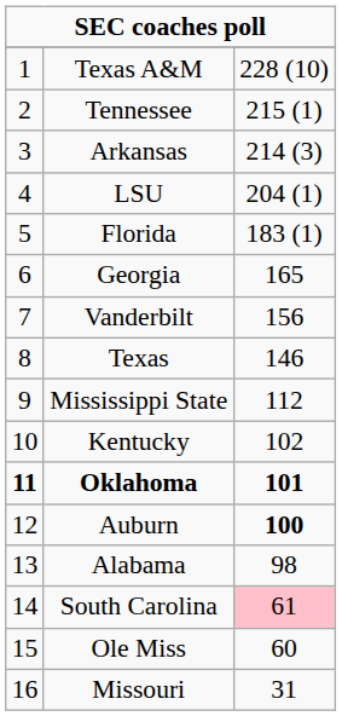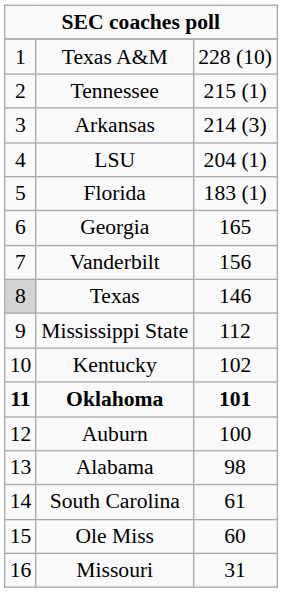 <table class="wikitable" style="display: inline-table;">
 <tr>
 <td align="center" Colspan="3"><strong>SEC coaches poll</strong></td>
 </tr>
 <tr align="center">
 </tr>
 <tr align="center">
 <td>1</td>
 <td>Texas A&M</td>
 <td>228 (10)</td>
 </tr>
 <tr align="center">
 <td>2</td>
 <td>Tennessee</td>
 <td>215 (1)</td>
 </tr>
 <tr align="center">
 <td>3</td>
 <td>Arkansas</td>
 <td>214 (3)</td>
 </tr>
 <tr align="center">
 <td>4</td>
 <td>LSU</td>
 <td>204 (1)</td>
 </tr>
 <tr align="center">
 <td>5</td>
 <td>Florida</td>
 <td>183 (1)</td>
 </tr>
 <tr align="center">
 <td>6</td>
 <td>Georgia</td>
 <td>165</td>
 </tr>
 <tr align="center">
 <td>7</td>
 <td>Vanderbilt</td>
 <td>156</td>
 </tr>
 <tr align="center">
-<td>8</td>
+<td style="background: lightgrey;">8</td>
 <td>Texas</td>
 <td>146</td>
 </tr>
 <tr align="center">
 <td>9</td>
 <td>Mississippi State</td>
 <td>112</td>
 </tr>
 <tr align="center">
 <td>10</td>
 <td>Kentucky</td>
 <td>102</td>
 </tr>
 <tr align="center">
 <td><strong>11</strong></td>
 <td><strong>Oklahoma</strong></td>
 <td><strong>101</strong></td>
 </tr>
 <tr align="center">
 <td>12</td>
 <td>Auburn</td>
-<td><strong>100</strong></td>
+<td>100</td>
 </tr>
 <tr align="center">
 <td>13</td>
 <td>Alabama</td>
 <td>98</td>
 </tr>
 <tr align="center">
 <td>14</td>
 <td>South Carolina</td>
-<td style="background: pink;">61</td>
+<td>61</td>
 </tr>
 <tr align="center">
 <td>15</td>
 <td>Ole Miss</td>
 <td>60</td>
 </tr>
 <tr align="center">
 <td>16</td>
 <td>Missouri</td>
 <td>31</td>
 </tr>
 </table>
